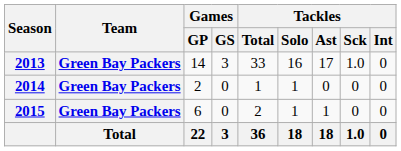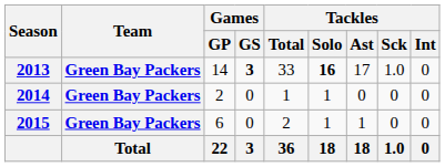 <table class=wikitable style="text-align:center;">
 <tr>
 <th rowspan=2>Season</th>
 <th rowspan=2>Team</th>
 <th colspan=2>Games</th>
 <th colspan=5>Tackles</th>
 </tr>
 <tr>
 <th>GP</th>
 <th>GS</th>
 <th>Total</th>
 <th>Solo</th>
 <th>Ast</th>
 <th>Sck</th>
 <th>Int</th>
 </tr>
 <tr>
 <th><a href='#'>2013</a></th>
 <th><a href='#'>Green Bay Packers</a></th>
 <td>14</td>
-<td>3</td>
+<td><strong>3</strong></td>
 <td>33</td>
-<td>16</td>
+<td><strong>16</strong></td>
 <td>17</td>
 <td>1.0</td>
 <td>0</td>
 </tr>
 <tr>
 <th><a href='#'>2014</a></th>
 <th><a href='#'>Green Bay Packers</a></th>
 <td>2</td>
 <td>0</td>
 <td>1</td>
 <td>1</td>
 <td>0</td>
 <td>0</td>
 <td>0</td>
 </tr>
 <tr>
 <th><a href='#'>2015</a></th>
 <th><a href='#'>Green Bay Packers</a></th>
 <td>6</td>
 <td>0</td>
 <td>2</td>
 <td>1</td>
 <td>1</td>
 <td>0</td>
 <td>0</td>
 </tr>
 <tr>
 <th></th>
 <th>Total</th>
 <th>22</th>
 <th>3</th>
 <th>36</th>
 <th>18</th>
 <th>18</th>
 <th>1.0</th>
 <th>0</th>
 </tr>
 </table>
